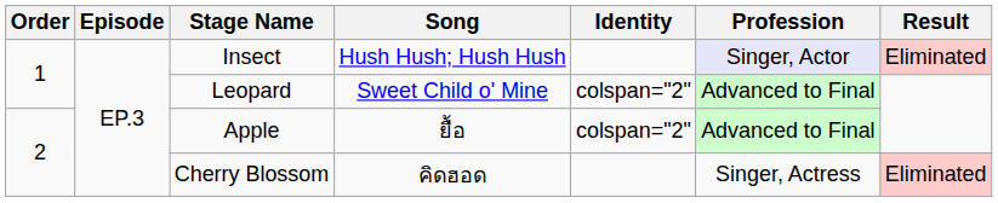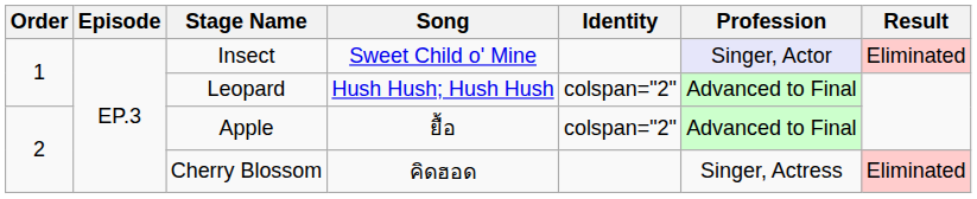 <table class="wikitable">
 <tr>
 <th>Order</th>
 <th>Episode</th>
 <th>Stage Name</th>
 <th>Song</th>
 <th>Identity</th>
 <th>Profession</th>
 <th>Result</th>
 </tr>
 <tr>
 <td rowspan="2" align="center">1</td>
 <td rowspan="4" align="center">EP.3</td>
 <td align="center">Insect</td>
-<td align="center"><a href='#'>Hush Hush; Hush Hush</a></td>
+<td align="center"><a href='#'>Sweet Child o' Mine</a></td>
 <td align="center"></td>
 <td align="center" style="background: lavender;">Singer, Actor</td>
 <td style="text-align:center; background:#ffcccc;">Eliminated</td>
 </tr>
 <tr>
 <td align="center">Leopard</td>
-<td align="center"><a href='#'>Sweet Child o' Mine</a></td>
+<td align="center"><a href='#'>Hush Hush; Hush Hush</a></td>
 <td>colspan="2"  </td>
 <td style="text-align:center; background:#ccffcc;">Advanced to Final</td>
 </tr>
 <tr>
 <td rowspan="2" align="center">2</td>
 <td align="center">Apple</td>
 <td align="center">ยื้อ</td>
 <td>colspan="2"  </td>
 <td style="text-align:center; background:#ccffcc;">Advanced to Final</td>
 </tr>
 <tr>
 <td align="center">Cherry Blossom</td>
 <td align="center">คิดฮอด</td>
 <td align="center"></td>
 <td align="center">Singer, Actress</td>
 <td style="text-align:center; background:#ffcccc;">Eliminated</td>
 </tr>
 </table>
